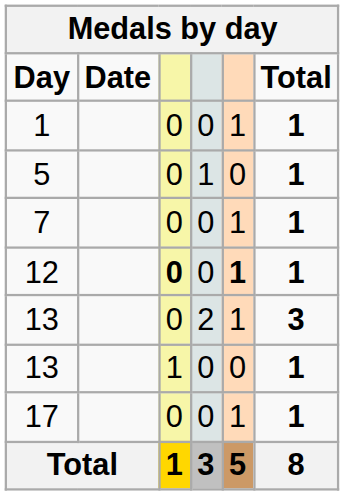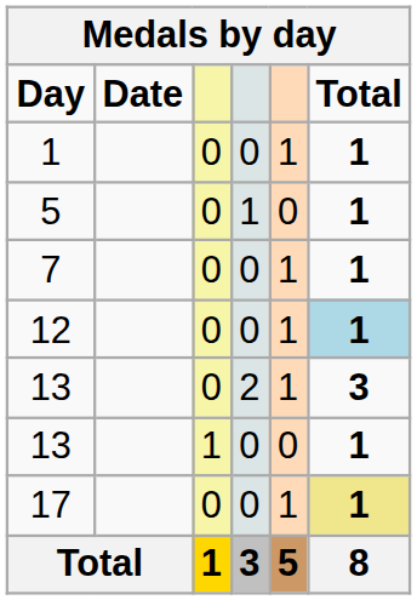 <table class=wikitable style="font-size:85%; float:right;text-align:center">
 <tr>
 <th colspan=7>Medals by day</th>
 </tr>
 <tr>
 <td><strong>Day</strong></td>
 <td><strong>Date</strong></td>
 <td bgcolor=F7F6A8></td>
 <td bgcolor=DCE5E5></td>
 <td bgcolor=FFDAB9></td>
 <td><strong>Total</strong></td>
 </tr>
 <tr>
 <td>1</td>
 <td></td>
 <td bgcolor=F7F6A8>0</td>
 <td bgcolor=DCE5E5>0</td>
 <td bgcolor=FFDAB9>1</td>
 <td><strong>1</strong></td>
 </tr>
 <tr>
 <td>5</td>
 <td></td>
 <td bgcolor=F7F6A8>0</td>
 <td bgcolor=DCE5E5>1</td>
 <td bgcolor=FFDAB9>0</td>
 <td><strong>1</strong></td>
 </tr>
 <tr>
 <td>7</td>
 <td></td>
 <td bgcolor=F7F6A8>0</td>
 <td bgcolor=DCE5E5>0</td>
 <td bgcolor=FFDAB9>1</td>
 <td><strong>1</strong></td>
 </tr>
 <tr>
 <td>12</td>
 <td></td>
-<td bgcolor=F7F6A8><strong>0</strong></td>
+<td bgcolor=F7F6A8>0</td>
 <td bgcolor=DCE5E5>0</td>
-<td bgcolor=FFDAB9><strong>1</strong></td>
-<td><strong>1</strong></td>
+<td bgcolor=FFDAB9>1</td>
+<td style="background: lightblue;"><strong>1</strong></td>
 </tr>
 <tr>
 <td>13</td>
 <td></td>
 <td bgcolor=F7F6A8>0</td>
 <td bgcolor=DCE5E5>2</td>
 <td bgcolor=FFDAB9>1</td>
 <td><strong>3</strong></td>
 </tr>
 <tr>
 <td>13</td>
 <td></td>
 <td bgcolor=F7F6A8>1</td>
 <td bgcolor=DCE5E5>0</td>
 <td bgcolor=FFDAB9>0</td>
 <td><strong>1</strong></td>
 </tr>
 <tr>
 <td>17</td>
 <td></td>
 <td bgcolor=F7F6A8>0</td>
 <td bgcolor=DCE5E5>0</td>
 <td bgcolor=FFDAB9>1</td>
-<td><strong>1</strong></td>
+<td style="background: khaki;"><strong>1</strong></td>
 </tr>
 <tr>
 <th colspan=2>Total</th>
 <th style=background:gold>1</th>
 <th style=background:silver>3</th>
 <th style=background:#C96>5</th>
 <th>8</th>
 </tr>
 </table>
